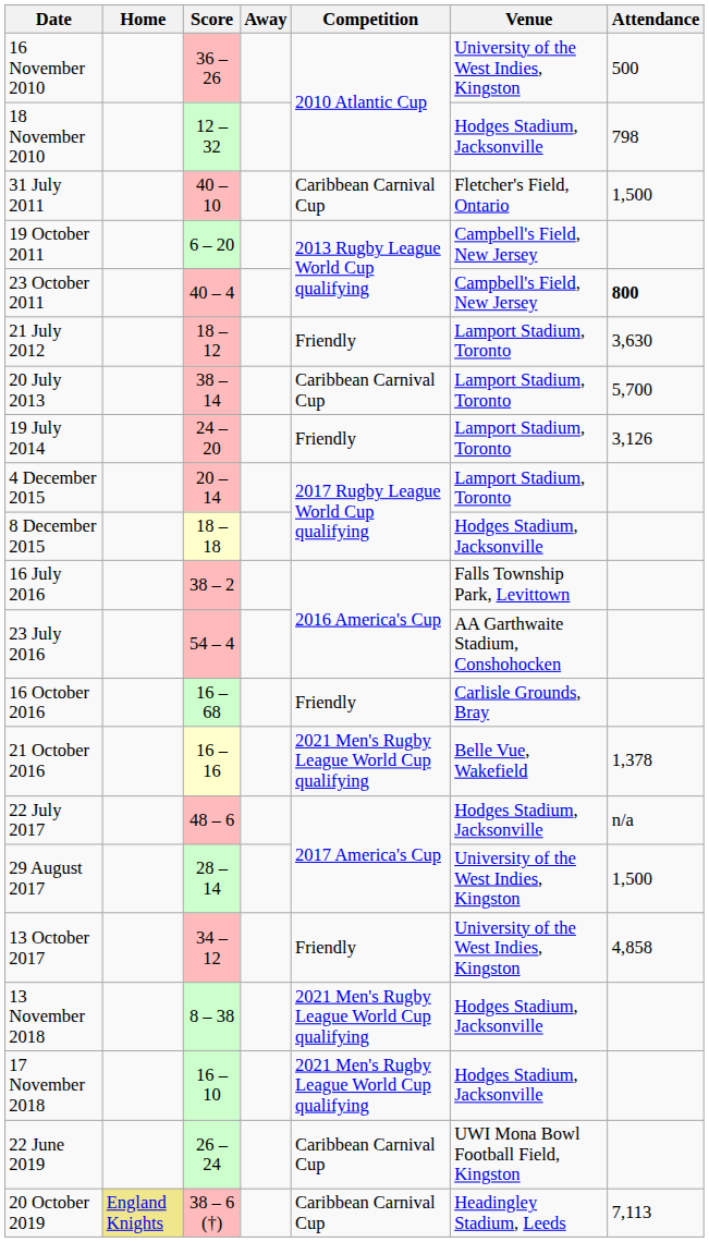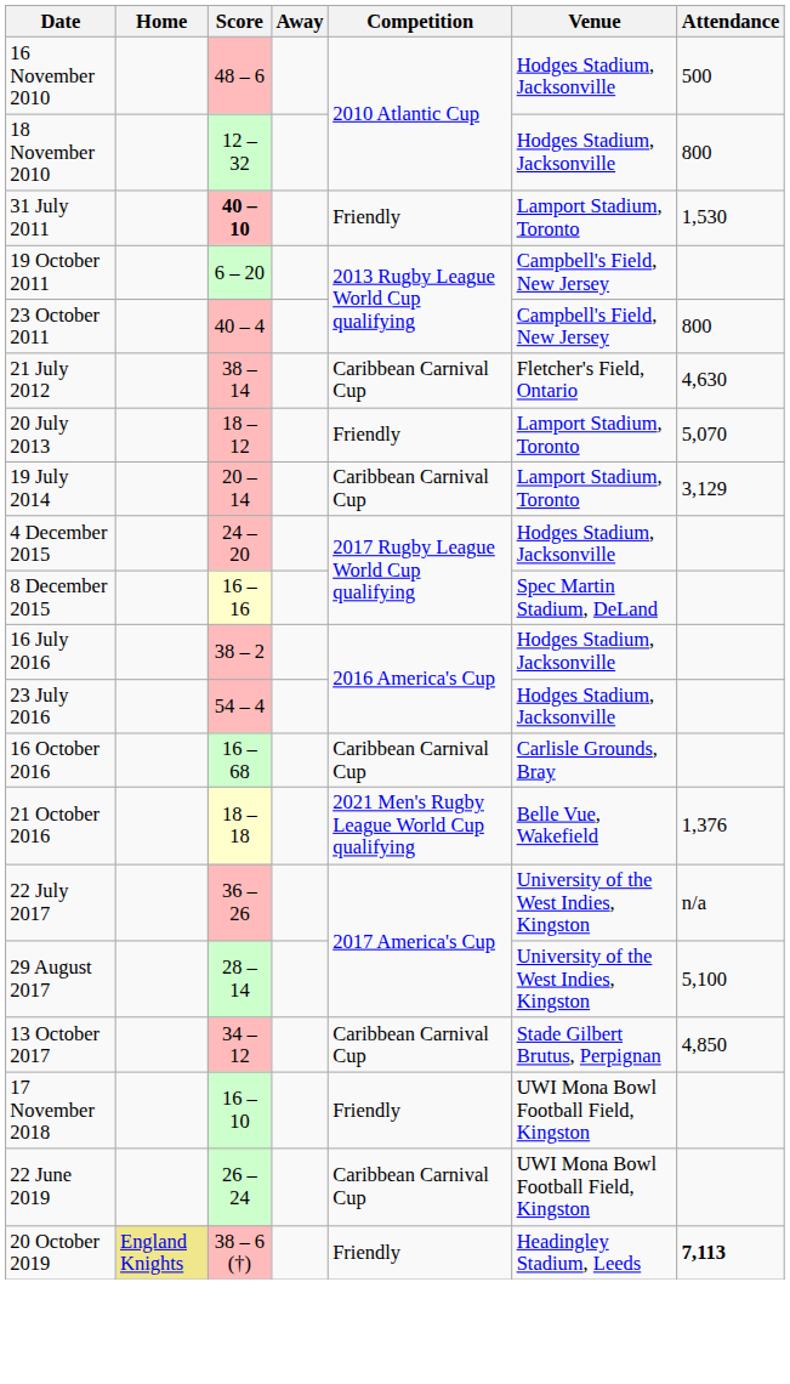 <table class="wikitable" width="100%">
 <tr>
 <th>Date</th>
 <th>Home</th>
 <th>Score</th>
 <th>Away</th>
 <th>Competition</th>
 <th>Venue</th>
 <th>Attendance</th>
 </tr>
 <tr>
 <td>16 November 2010</td>
 <td></td>
-<td style="text-align: center; background: #FFBBBB;">36 – 26</td>
+<td style="text-align: center; background: #FFBBBB;">48 – 6</td>
 <td></td>
 <td rowspan="2"><a href='#'>2010 Atlantic Cup</a></td>
-<td> <a href='#'>University of the West Indies</a>, <a href='#'>Kingston</a></td>
+<td> <a href='#'>Hodges Stadium</a>, <a href='#'>Jacksonville</a></td>
 <td>500</td>
 </tr>
 <tr>
 <td>18 November 2010</td>
 <td></td>
 <td style="text-align: center; background: #CCFFCC;">12 – 32</td>
 <td></td>
 <td> <a href='#'>Hodges Stadium</a>, <a href='#'>Jacksonville</a></td>
-<td>798</td>
+<td>800</td>
 </tr>
 <tr>
 <td>31 July 2011</td>
 <td></td>
-<td style="text-align: center; background: #FFBBBB;">40 – 10</td>
+<td style="text-align: center; background: #FFBBBB;"><strong>40 – 10</strong></td>
 <td></td>
-<td>Caribbean Carnival Cup</td>
-<td> Fletcher's Field, <a href='#'>Ontario</a></td>
-<td>1,500</td>
+<td>Friendly</td>
+<td> <a href='#'>Lamport Stadium</a>, <a href='#'>Toronto</a></td>
+<td>1,530</td>
 </tr>
 <tr>
 <td>19 October 2011</td>
 <td></td>
 <td style="text-align: center; background: #CCFFCC;">6 – 20</td>
 <td></td>
 <td rowspan="2"><a href='#'>2013 Rugby League World Cup qualifying</a></td>
 <td> <a href='#'>Campbell's Field</a>, <a href='#'>New Jersey</a></td>
 <td></td>
 </tr>
 <tr>
 <td>23 October 2011</td>
 <td></td>
 <td style="text-align: center; background: #FFBBBB;">40 – 4</td>
 <td></td>
 <td> <a href='#'>Campbell's Field</a>, <a href='#'>New Jersey</a></td>
-<td><strong>800</strong></td>
+<td>800</td>
 </tr>
 <tr>
 <td>21 July 2012</td>
+<td></td>
+<td style="text-align: center; background: #FFBBBB;">38 – 14</td>
+<td></td>
+<td>Caribbean Carnival Cup</td>
+<td> Fletcher's Field, <a href='#'>Ontario</a></td>
+<td>4,630</td>
+</tr>
+<tr>
+<td>20 July 2013</td>
 <td></td>
 <td style="text-align: center; background: #FFBBBB;">18 – 12</td>
 <td></td>
 <td>Friendly</td>
 <td> <a href='#'>Lamport Stadium</a>, <a href='#'>Toronto</a></td>
-<td>3,630</td>
-</tr>
-<tr>
-<td>20 July 2013</td>
-<td></td>
-<td style="text-align: center; background: #FFBBBB;">38 – 14</td>
-<td></td>
-<td>Caribbean Carnival Cup</td>
-<td> <a href='#'>Lamport Stadium</a>, <a href='#'>Toronto</a></td>
-<td>5,700</td>
+<td>5,070</td>
 </tr>
 <tr>
 <td>19 July 2014</td>
 <td></td>
-<td style="text-align: center; background: #FFBBBB;">24 – 20</td>
+<td style="text-align: center; background: #FFBBBB;">20 – 14</td>
 <td></td>
-<td>Friendly</td>
+<td>Caribbean Carnival Cup</td>
 <td> <a href='#'>Lamport Stadium</a>, <a href='#'>Toronto</a></td>
-<td>3,126</td>
+<td>3,129</td>
 </tr>
 <tr>
 <td>4 December 2015</td>
 <td></td>
-<td style="text-align: center; background: #FFBBBB;">20 – 14</td>
+<td style="text-align: center; background: #FFBBBB;">24 – 20</td>
 <td></td>
 <td rowspan="2"><a href='#'>2017 Rugby League World Cup qualifying</a></td>
-<td> <a href='#'>Lamport Stadium</a>, <a href='#'>Toronto</a></td>
+<td> <a href='#'>Hodges Stadium</a>, <a href='#'>Jacksonville</a></td>
 <td></td>
 </tr>
 <tr>
 <td>8 December 2015</td>
 <td></td>
-<td style="text-align: center; background: #FFFFCC;">18 – 18</td>
+<td style="text-align: center; background: #FFFFCC;">16 – 16</td>
 <td></td>
-<td> <a href='#'>Hodges Stadium</a>, <a href='#'>Jacksonville</a></td>
+<td> <a href='#'>Spec Martin Stadium</a>, <a href='#'>DeLand</a></td>
 <td></td>
 </tr>
 <tr>
 <td>16 July 2016</td>
 <td></td>
 <td style="text-align: center; background: #FFBBBB;">38 – 2</td>
 <td></td>
 <td rowspan="2"><a href='#'>2016 America's Cup</a></td>
-<td> Falls Township Park, <a href='#'>Levittown</a></td>
+<td> <a href='#'>Hodges Stadium</a>, <a href='#'>Jacksonville</a></td>
 <td></td>
 </tr>
 <tr>
 <td>23 July 2016</td>
 <td></td>
 <td style="text-align: center; background: #FFBBBB;">54 – 4</td>
 <td></td>
-<td> AA Garthwaite Stadium, <a href='#'>Conshohocken</a></td>
+<td> <a href='#'>Hodges Stadium</a>, <a href='#'>Jacksonville</a></td>
 <td></td>
 </tr>
 <tr>
 <td>16 October 2016</td>
 <td></td>
 <td style="text-align: center; background: #CCFFCC;">16 – 68</td>
 <td></td>
-<td>Friendly</td>
+<td>Caribbean Carnival Cup</td>
 <td> <a href='#'>Carlisle Grounds</a>, <a href='#'>Bray</a></td>
 <td></td>
 </tr>
 <tr>
 <td>21 October 2016</td>
 <td></td>
-<td style="text-align: center; background: #FFFFCC;">16 – 16</td>
+<td style="text-align: center; background: #FFFFCC;">18 – 18</td>
 <td></td>
 <td><a href='#'>2021 Men's Rugby League World Cup qualifying</a></td>
 <td> <a href='#'>Belle Vue</a>, <a href='#'>Wakefield</a></td>
-<td>1,378</td>
+<td>1,376</td>
 </tr>
 <tr>
 <td>22 July 2017</td>
 <td></td>
-<td style="text-align: center; background: #FFBBBB;">48 – 6</td>
+<td style="text-align: center; background: #FFBBBB;">36 – 26</td>
 <td></td>
 <td rowspan="2"><a href='#'>2017 America's Cup</a></td>
-<td> <a href='#'>Hodges Stadium</a>, <a href='#'>Jacksonville</a></td>
+<td> <a href='#'>University of the West Indies</a>, <a href='#'>Kingston</a></td>
 <td>n/a</td>
 </tr>
 <tr>
 <td>29 August 2017</td>
 <td></td>
 <td style="text-align: center; background: #CCFFCC;">28 – 14</td>
 <td></td>
 <td> <a href='#'>University of the West Indies</a>, <a href='#'>Kingston</a></td>
-<td>1,500</td>
+<td>5,100</td>
 </tr>
 <tr>
 <td>13 October 2017</td>
 <td></td>
 <td style="text-align: center; background: #FFBBBB;">34 – 12</td>
 <td></td>
-<td>Friendly</td>
-<td> <a href='#'>University of the West Indies</a>, <a href='#'>Kingston</a></td>
-<td>4,858</td>
-</tr>
-<tr>
-<td>13 November 2018</td>
-<td></td>
-<td style="text-align: center; background: #CCFFCC;">8 – 38</td>
-<td></td>
-<td><a href='#'>2021 Men's Rugby League World Cup qualifying</a></td>
-<td> <a href='#'>Hodges Stadium</a>, <a href='#'>Jacksonville</a></td>
-<td></td>
+<td>Caribbean Carnival Cup</td>
+<td> <a href='#'>Stade Gilbert Brutus</a>, <a href='#'>Perpignan</a></td>
+<td>4,850</td>
 </tr>
 <tr>
 <td>17 November 2018</td>
 <td></td>
 <td style="text-align: center; background: #CCFFCC;">16 – 10</td>
 <td></td>
-<td><a href='#'>2021 Men's Rugby League World Cup qualifying</a></td>
-<td> <a href='#'>Hodges Stadium</a>, <a href='#'>Jacksonville</a></td>
+<td>Friendly</td>
+<td> UWI Mona Bowl Football Field, <a href='#'>Kingston</a></td>
 <td></td>
 </tr>
 <tr>
 <td>22 June 2019</td>
 <td></td>
 <td style="text-align: center; background: #CCFFCC;">26 – 24</td>
 <td></td>
 <td>Caribbean Carnival Cup</td>
 <td> UWI Mona Bowl Football Field, <a href='#'>Kingston</a></td>
 <td></td>
 </tr>
 <tr>
 <td>20 October 2019</td>
 <td style="background: khaki;"> <a href='#'>England Knights</a></td>
 <td style="text-align: center ; background: #FFBBBB;">38 – 6 (†)</td>
 <td></td>
-<td>Caribbean Carnival Cup</td>
+<td>Friendly</td>
 <td> <a href='#'>Headingley Stadium</a>, <a href='#'>Leeds</a></td>
-<td>7,113</td>
+<td><strong>7,113</strong></td>
 </tr>
 </table>
